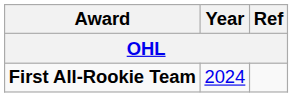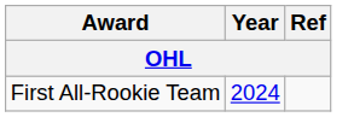 <table class="wikitable">
 <tr>
 <th>Award</th>
 <th>Year</th>
 <th>Ref</th>
 </tr>
 <tr ALIGN="center" bgcolor="#e0e0e0">
 <th colspan="4"><a href='#'>OHL</a></th>
 </tr>
 <tr>
-<td><strong>First All-Rookie Team</strong></td>
+<td>First All-Rookie Team</td>
 <td><a href='#'>2024</a></td>
 <td></td>
 </tr>
 </table>
